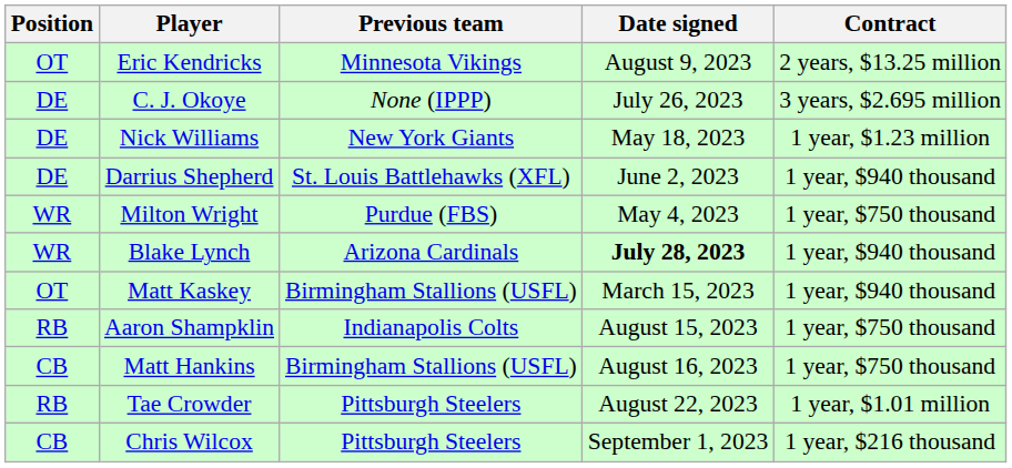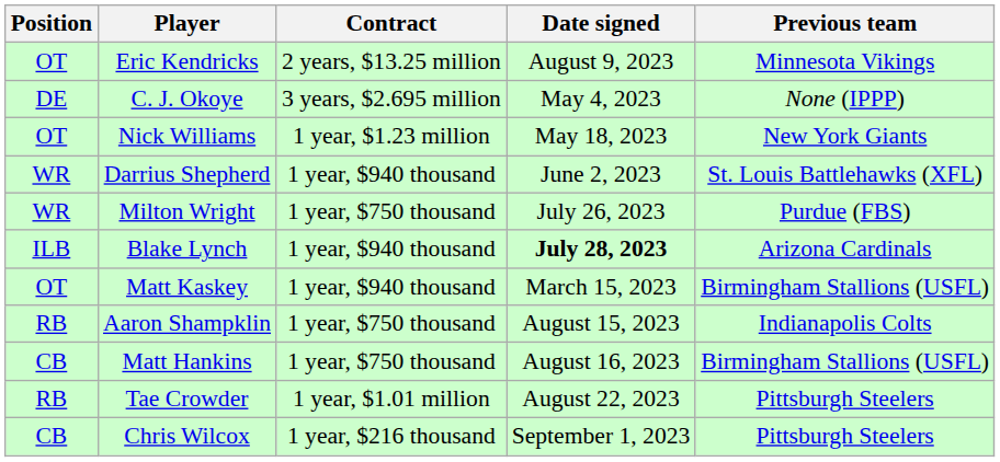 <table class="wikitable" style="text-align:center">
 <tr>
 <th>Position</th>
 <th>Player</th>
+<th>Contract</th>
+<th>Date signed</th>
 <th>Previous team</th>
-<th>Date signed</th>
-<th>Contract</th>
 </tr>
 <tr style="background:#cfc">
 <td><a href='#'>OT</a></td>
 <td><a href='#'>Eric Kendricks</a></td>
+<td>2 years, $13.25 million</td>
+<td>August 9, 2023</td>
 <td><a href='#'>Minnesota Vikings</a></td>
-<td>August 9, 2023</td>
-<td>2 years, $13.25 million</td>
 </tr>
 <tr style="background:#cfc">
 <td><a href='#'>DE</a></td>
 <td><a href='#'>C. J. Okoye</a></td>
+<td>3 years, $2.695 million</td>
+<td>May 4, 2023</td>
 <td><em>None</em> (<a href='#'>IPPP</a>)</td>
-<td>July 26, 2023</td>
-<td>3 years, $2.695 million</td>
 </tr>
 <tr style="background:#cfc">
-<td><a href='#'>DE</a></td>
+<td><a href='#'>OT</a></td>
 <td><a href='#'>Nick Williams</a></td>
+<td>1 year, $1.23 million</td>
+<td>May 18, 2023</td>
 <td><a href='#'>New York Giants</a></td>
-<td>May 18, 2023</td>
-<td>1 year, $1.23 million</td>
 </tr>
 <tr style="background:#cfc">
-<td><a href='#'>DE</a></td>
+<td><a href='#'>WR</a></td>
 <td><a href='#'>Darrius Shepherd</a></td>
+<td>1 year, $940 thousand</td>
+<td>June 2, 2023</td>
 <td><a href='#'>St. Louis Battlehawks</a> (<a href='#'>XFL</a>)</td>
-<td>June 2, 2023</td>
-<td>1 year, $940 thousand</td>
 </tr>
 <tr style="background:#cfc">
 <td><a href='#'>WR</a></td>
 <td><a href='#'>Milton Wright</a></td>
+<td>1 year, $750 thousand</td>
+<td>July 26, 2023</td>
 <td><a href='#'>Purdue</a> (<a href='#'>FBS</a>)</td>
-<td>May 4, 2023</td>
-<td>1 year, $750 thousand</td>
 </tr>
 <tr style="background:#cfc">
-<td><a href='#'>WR</a></td>
+<td><a href='#'>ILB</a></td>
 <td><a href='#'>Blake Lynch</a></td>
+<td>1 year, $940 thousand</td>
+<td><strong>July 28, 2023</strong></td>
 <td><a href='#'>Arizona Cardinals</a></td>
-<td><strong>July 28, 2023</strong></td>
-<td>1 year, $940 thousand</td>
 </tr>
 <tr style="background:#cfc">
 <td><a href='#'>OT</a></td>
 <td><a href='#'>Matt Kaskey</a></td>
+<td>1 year, $940 thousand</td>
+<td>March 15, 2023</td>
 <td><a href='#'>Birmingham Stallions</a> (<a href='#'>USFL</a>)</td>
-<td>March 15, 2023</td>
-<td>1 year, $940 thousand</td>
 </tr>
 <tr style="background:#cfc">
 <td><a href='#'>RB</a></td>
 <td><a href='#'>Aaron Shampklin</a></td>
+<td>1 year, $750 thousand</td>
+<td>August 15, 2023</td>
 <td><a href='#'>Indianapolis Colts</a></td>
-<td>August 15, 2023</td>
-<td>1 year, $750 thousand</td>
 </tr>
 <tr style="background:#cfc">
 <td><a href='#'>CB</a></td>
 <td><a href='#'>Matt Hankins</a></td>
+<td>1 year, $750 thousand</td>
+<td>August 16, 2023</td>
 <td><a href='#'>Birmingham Stallions</a> (<a href='#'>USFL</a>)</td>
-<td>August 16, 2023</td>
-<td>1 year, $750 thousand</td>
 </tr>
 <tr style="background:#cfc">
 <td><a href='#'>RB</a></td>
 <td><a href='#'>Tae Crowder</a></td>
+<td>1 year, $1.01 million</td>
+<td>August 22, 2023</td>
 <td><a href='#'>Pittsburgh Steelers</a></td>
-<td>August 22, 2023</td>
-<td>1 year, $1.01 million</td>
 </tr>
 <tr style="background:#cfc">
 <td><a href='#'>CB</a></td>
 <td><a href='#'>Chris Wilcox</a></td>
+<td>1 year, $216 thousand</td>
+<td>September 1, 2023</td>
 <td><a href='#'>Pittsburgh Steelers</a></td>
-<td>September 1, 2023</td>
-<td>1 year, $216 thousand</td>
 </tr>
 </table>
